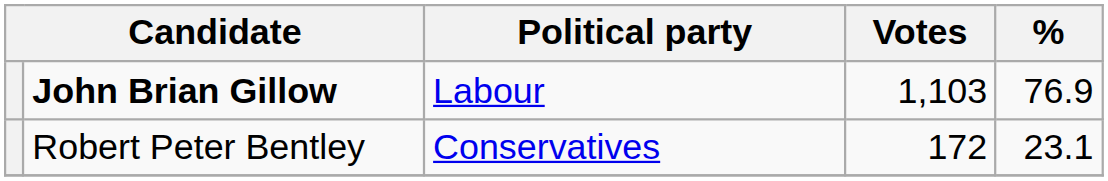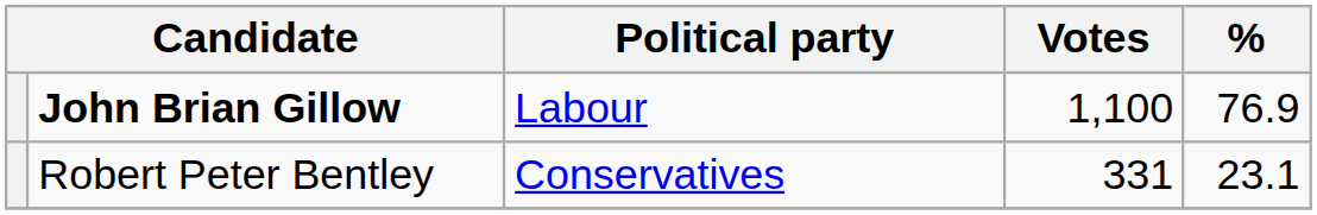 <table class="wikitable">
 <tr>
 <th valign=top colspan="2" style="width: 180px">Candidate</th>
 <th valign=top style="width: 180px">Political party</th>
 <th valign=top style="width: 60px">Votes</th>
 <th valign=top style="width: 40px">%</th>
 </tr>
 <tr>
 <th style="background-color: "></th>
 <td><strong>John Brian Gillow</strong></td>
 <td><a href='#'>Labour</a></td>
-<td align="right">1,103</td>
+<td align="right">1,100</td>
 <td align="right">76.9</td>
 </tr>
 <tr>
 <th style="background-color: "></th>
 <td>Robert Peter Bentley</td>
 <td><a href='#'>Conservatives</a></td>
-<td align="right">172</td>
+<td align="right">331</td>
 <td align="right">23.1</td>
 </tr>
 <tr>
 </tr>
 </table>
